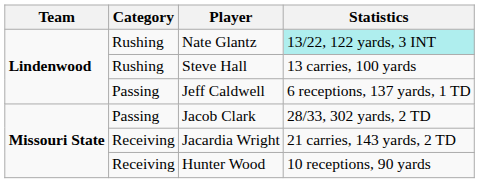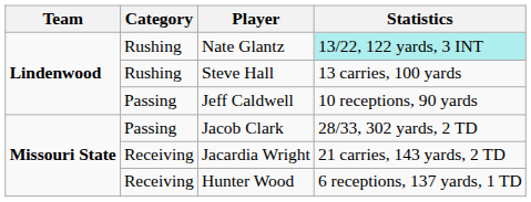 <table class="wikitable" style="float: right;">
 <tr>
 <th>Team</th>
 <th>Category</th>
 <th>Player</th>
 <th>Statistics</th>
 </tr>
 <tr>
 <td rowspan=3><strong>Lindenwood</strong></td>
 <td>Rushing</td>
 <td>Nate Glantz</td>
 <td style="background: paleturquoise;">13/22, 122 yards, 3 INT</td>
 </tr>
 <tr>
 <td>Rushing</td>
 <td>Steve Hall</td>
 <td>13 carries, 100 yards</td>
 </tr>
 <tr>
 <td>Passing</td>
 <td>Jeff Caldwell</td>
-<td>6 receptions, 137 yards, 1 TD</td>
+<td>10 receptions, 90 yards</td>
 </tr>
 <tr>
 <td rowspan=3><strong>Missouri State</strong></td>
 <td>Passing</td>
 <td>Jacob Clark</td>
 <td>28/33, 302 yards, 2 TD</td>
 </tr>
 <tr>
 <td>Receiving</td>
 <td>Jacardia Wright</td>
 <td>21 carries, 143 yards, 2 TD</td>
 </tr>
 <tr>
 <td>Receiving</td>
 <td>Hunter Wood</td>
-<td>10 receptions, 90 yards</td>
+<td>6 receptions, 137 yards, 1 TD</td>
 </tr>
 </table>
